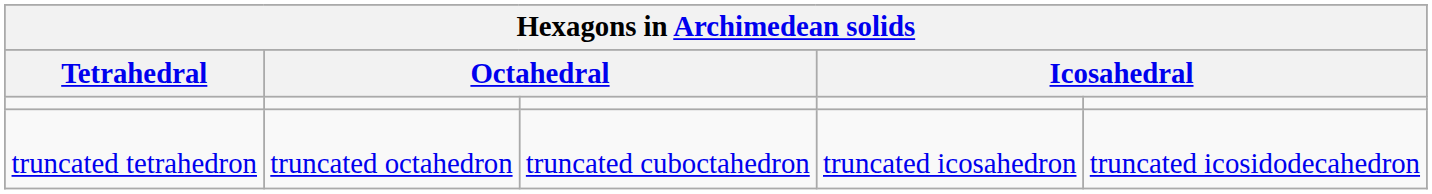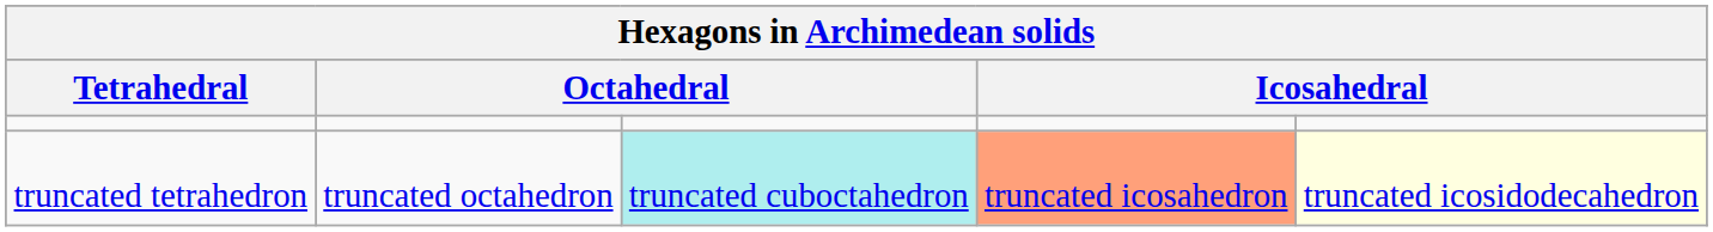 <table class="wikitable collapsible collapsed" style="text-align:center;">
 <tr>
 <th colspan=12>Hexagons in <a href='#'>Archimedean solids</a></th>
 </tr>
 <tr>
 <th><a href='#'>Tetrahedral</a></th>
 <th colspan=2><a href='#'>Octahedral</a></th>
 <th colspan=2><a href='#'>Icosahedral</a></th>
 </tr>
 <tr>
 <td></td>
 <td></td>
 <td></td>
 <td></td>
 <td></td>
 </tr>
 <tr valign=top>
 <td><br><a href='#'>truncated tetrahedron</a></td>
 <td><br><a href='#'>truncated octahedron</a></td>
-<td><br><a href='#'>truncated cuboctahedron</a></td>
-<td><br><a href='#'>truncated icosahedron</a></td>
-<td><br><a href='#'>truncated icosidodecahedron</a></td>
+<td style="background: paleturquoise;"><br><a href='#'>truncated cuboctahedron</a></td>
+<td style="background: lightsalmon;"><br><a href='#'>truncated icosahedron</a></td>
+<td style="background: lightyellow;"><br><a href='#'>truncated icosidodecahedron</a></td>
 </tr>
 </table>
